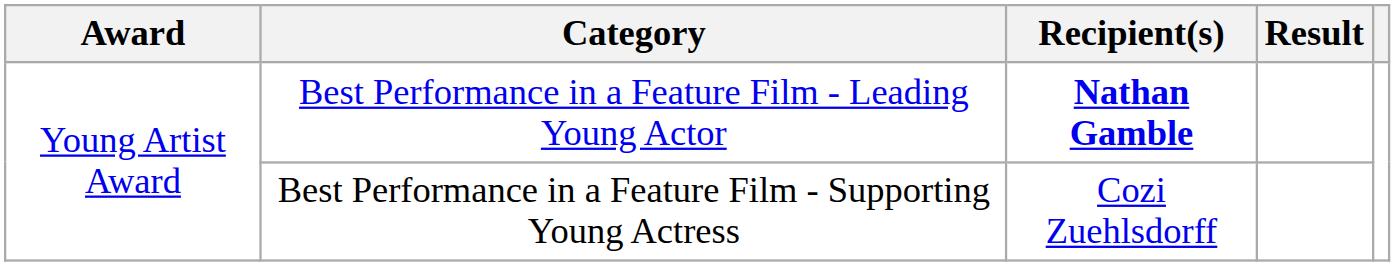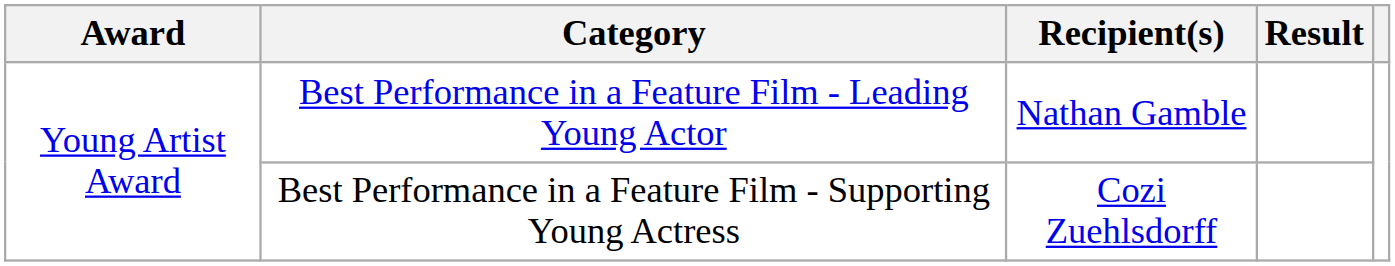 <table class="wikitable" rowspan="8;" style="text-align:center; background:#fff;">
 <tr>
 <th>Award</th>
 <th>Category</th>
 <th>Recipient(s)</th>
 <th>Result</th>
 <th></th>
 </tr>
 <tr>
 <td rowspan=2><a href='#'>Young Artist Award</a></td>
 <td><a href='#'>Best Performance in a Feature Film - Leading Young Actor</a></td>
-<td><strong><a href='#'>Nathan Gamble</a></strong></td>
+<td><a href='#'>Nathan Gamble</a></td>
 <td></td>
 <td rowspan=2></td>
 </tr>
 <tr>
 <td>Best Performance in a Feature Film - Supporting Young Actress</td>
 <td><a href='#'>Cozi Zuehlsdorff</a></td>
 <td></td>
 </tr>
 </table>
